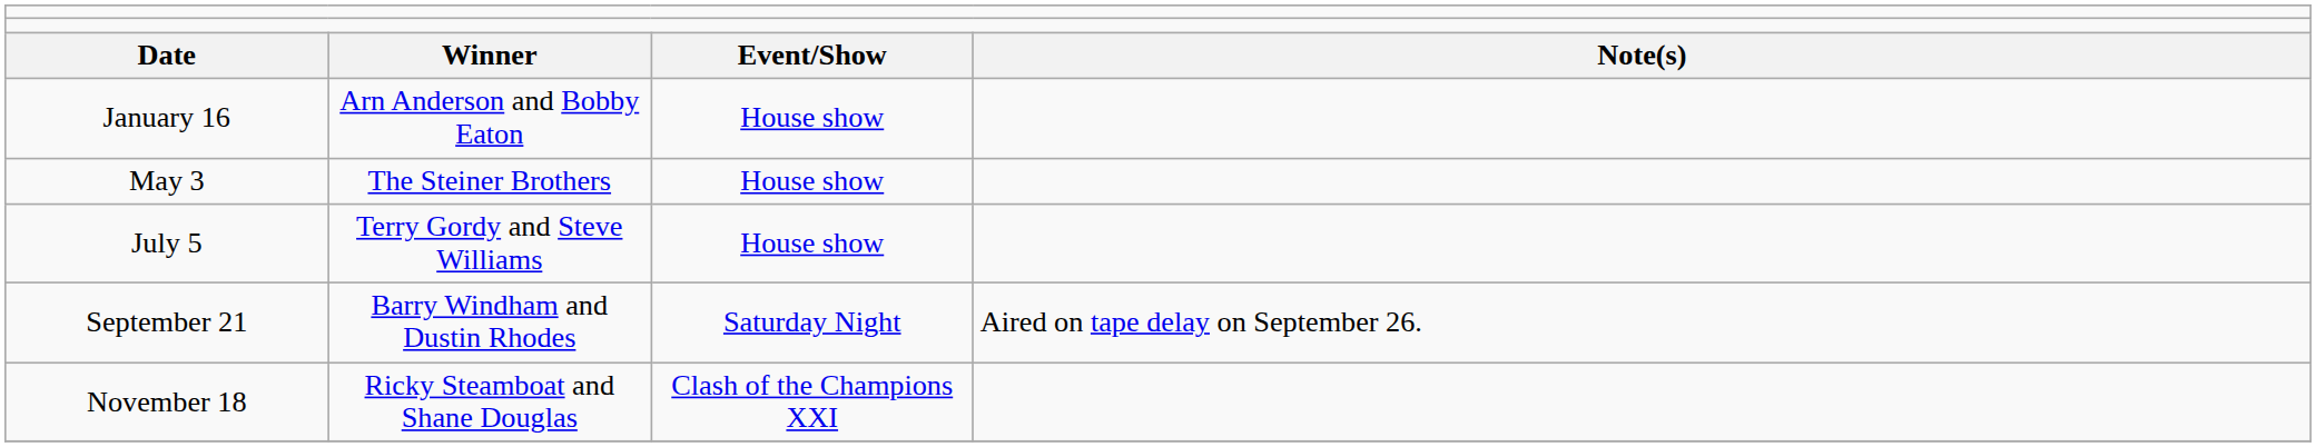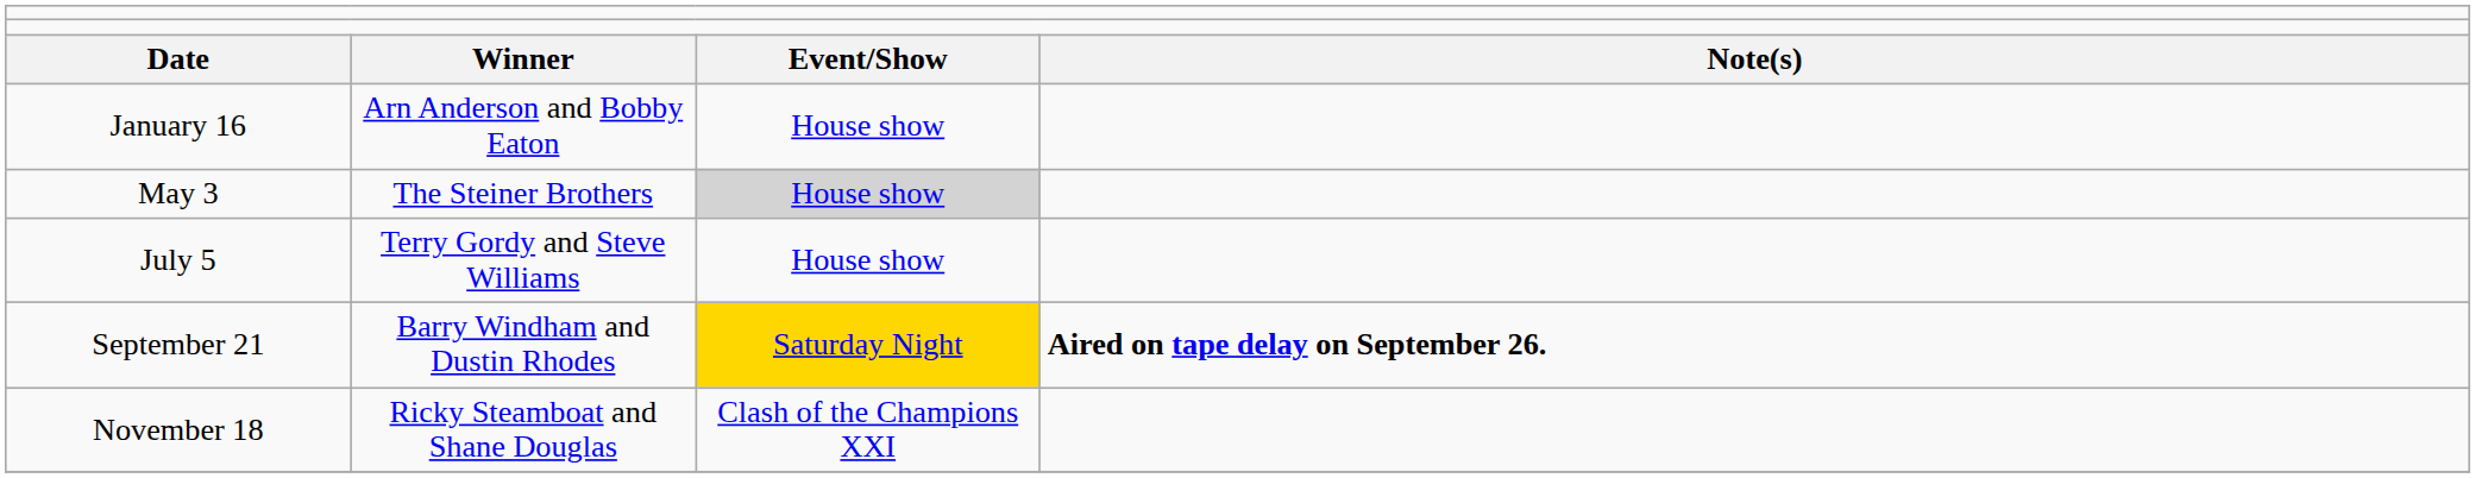 <table class="wikitable" style="text-align:center; width:100%;">
 <tr>
 <td colspan="5"></td>
 </tr>
 <tr>
 <td colspan="5"><strong></strong></td>
 </tr>
 <tr>
 <th width=14%>Date</th>
 <th width=14%>Winner</th>
 <th width=14%>Event/Show</th>
 <th width=58%>Note(s)</th>
 </tr>
 <tr>
 <td>January 16</td>
 <td><a href='#'>Arn Anderson</a> and <a href='#'>Bobby Eaton</a></td>
 <td><a href='#'>House show</a></td>
 <td align=left></td>
 </tr>
 <tr>
 <td>May 3</td>
 <td><a href='#'>The Steiner Brothers</a><br></td>
-<td><a href='#'>House show</a></td>
+<td style="background: lightgrey;"><a href='#'>House show</a></td>
 <td align=left></td>
 </tr>
 <tr>
 <td>July 5</td>
 <td><a href='#'>Terry Gordy</a> and <a href='#'>Steve Williams</a></td>
 <td><a href='#'>House show</a></td>
 <td align=left></td>
 </tr>
 <tr>
 <td>September 21</td>
 <td><a href='#'>Barry Windham</a> and <a href='#'>Dustin Rhodes</a></td>
-<td><a href='#'>Saturday Night</a></td>
-<td align=left>Aired on <a href='#'>tape delay</a> on September 26.</td>
+<td style="background: gold;"><a href='#'>Saturday Night</a></td>
+<td align=left><strong>Aired on <a href='#'>tape delay</a> on September 26.</strong></td>
 </tr>
 <tr>
 <td>November 18</td>
 <td><a href='#'>Ricky Steamboat</a> and <a href='#'>Shane Douglas</a></td>
 <td><a href='#'>Clash of the Champions XXI</a></td>
 <td align=left></td>
 </tr>
 <tr>
 </tr>
 </table>
